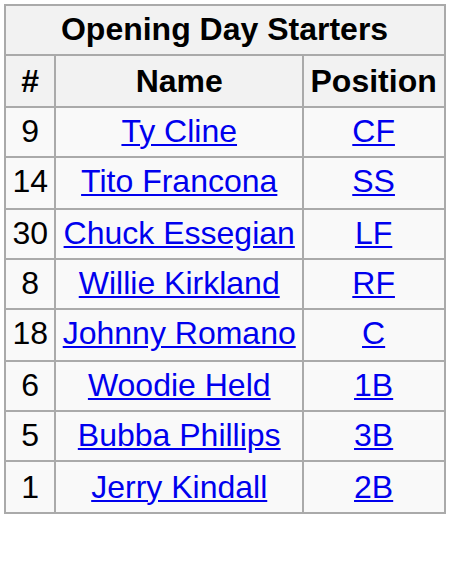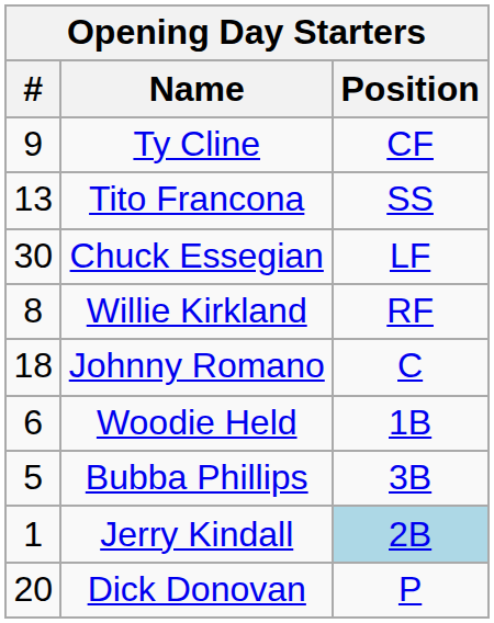 <table class="wikitable" style="text-align:center">
 <tr>
 <th colspan="3">Opening Day Starters</th>
 </tr>
 <tr>
 <th>#</th>
 <th>Name</th>
 <th>Position</th>
 </tr>
 <tr>
 <td>9</td>
 <td><a href='#'>Ty Cline</a></td>
 <td><a href='#'>CF</a></td>
 </tr>
 <tr>
-<td>14</td>
+<td>13</td>
 <td><a href='#'>Tito Francona</a></td>
 <td><a href='#'>SS</a></td>
 </tr>
 <tr>
 <td>30</td>
 <td><a href='#'>Chuck Essegian</a></td>
 <td><a href='#'>LF</a></td>
 </tr>
 <tr>
 <td>8</td>
 <td><a href='#'>Willie Kirkland</a></td>
 <td><a href='#'>RF</a></td>
 </tr>
 <tr>
 <td>18</td>
 <td><a href='#'>Johnny Romano</a></td>
 <td><a href='#'>C</a></td>
 </tr>
 <tr>
 <td>6</td>
 <td><a href='#'>Woodie Held</a></td>
 <td><a href='#'>1B</a></td>
 </tr>
 <tr>
 <td>5</td>
 <td><a href='#'>Bubba Phillips</a></td>
 <td><a href='#'>3B</a></td>
 </tr>
 <tr>
 <td>1</td>
 <td><a href='#'>Jerry Kindall</a></td>
-<td><a href='#'>2B</a></td>
+<td style="background: lightblue;"><a href='#'>2B</a></td>
+</tr>
+<tr>
+<td>20</td>
+<td><a href='#'>Dick Donovan</a></td>
+<td><a href='#'>P</a></td>
 </tr>
 </table>
